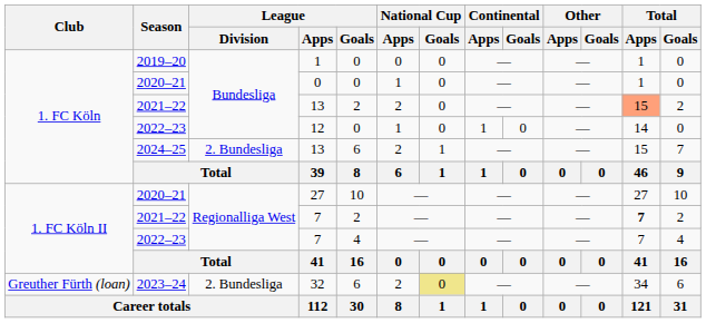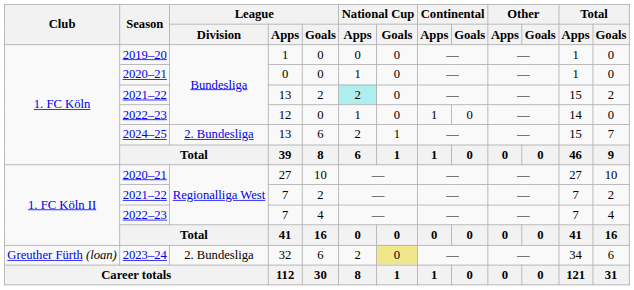 <table class="wikitable" style="text-align:center">
 <tr>
 <th rowspan="2">Club</th>
 <th rowspan="2">Season</th>
 <th colspan="3">League</th>
 <th colspan="2">National Cup</th>
 <th colspan="2">Continental</th>
 <th colspan="2">Other</th>
 <th colspan="2">Total</th>
 </tr>
 <tr>
 <th>Division</th>
 <th>Apps</th>
 <th>Goals</th>
 <th>Apps</th>
 <th>Goals</th>
 <th>Apps</th>
 <th>Goals</th>
 <th>Apps</th>
 <th>Goals</th>
 <th>Apps</th>
 <th>Goals</th>
 </tr>
 <tr>
 <td rowspan="6"><a href='#'>1. FC Köln</a></td>
 <td><a href='#'>2019–20</a></td>
 <td rowspan="4"><a href='#'>Bundesliga</a></td>
 <td>1</td>
 <td>0</td>
 <td>0</td>
 <td>0</td>
 <td colspan="2">—</td>
 <td colspan="2">—</td>
 <td>1</td>
 <td>0</td>
 </tr>
 <tr>
 <td><a href='#'>2020–21</a></td>
 <td>0</td>
 <td>0</td>
 <td>1</td>
 <td>0</td>
 <td colspan="2">—</td>
 <td colspan="2">—</td>
 <td>1</td>
 <td>0</td>
 </tr>
 <tr>
 <td><a href='#'>2021–22</a></td>
 <td>13</td>
 <td>2</td>
-<td>2</td>
+<td style="background: paleturquoise;">2</td>
 <td>0</td>
 <td colspan="2">—</td>
 <td colspan="2">—</td>
-<td style="background: lightsalmon;">15</td>
+<td>15</td>
 <td>2</td>
 </tr>
 <tr>
 <td><a href='#'>2022–23</a></td>
 <td>12</td>
 <td>0</td>
 <td>1</td>
 <td>0</td>
 <td>1</td>
 <td>0</td>
 <td colspan="2">—</td>
 <td>14</td>
 <td>0</td>
 </tr>
 <tr>
 <td><a href='#'>2024–25</a></td>
 <td><a href='#'>2. Bundesliga</a></td>
 <td>13</td>
 <td>6</td>
 <td>2</td>
 <td>1</td>
 <td colspan="2">—</td>
 <td colspan="2">—</td>
 <td>15</td>
 <td>7</td>
 </tr>
 <tr>
 <th colspan="2">Total</th>
 <th>39</th>
 <th>8</th>
 <th>6</th>
 <th>1</th>
 <th>1</th>
 <th>0</th>
 <th>0</th>
 <th>0</th>
 <th>46</th>
 <th>9</th>
 </tr>
 <tr>
 <td rowspan="4"><a href='#'>1. FC Köln II</a></td>
 <td><a href='#'>2020–21</a></td>
 <td rowspan="3"><a href='#'>Regionalliga West</a></td>
 <td>27</td>
 <td>10</td>
 <td colspan="2">—</td>
 <td colspan="2">—</td>
 <td colspan="2">—</td>
 <td>27</td>
 <td>10</td>
 </tr>
 <tr>
 <td><a href='#'>2021–22</a></td>
 <td>7</td>
 <td>2</td>
 <td colspan="2">—</td>
 <td colspan="2">—</td>
 <td colspan="2">—</td>
-<td><strong>7</strong></td>
+<td>7</td>
 <td>2</td>
 </tr>
 <tr>
 <td><a href='#'>2022–23</a></td>
 <td>7</td>
 <td>4</td>
 <td colspan="2">—</td>
 <td colspan="2">—</td>
 <td colspan="2">—</td>
 <td>7</td>
 <td>4</td>
 </tr>
 <tr>
 <th colspan="2">Total</th>
 <th>41</th>
 <th>16</th>
 <th>0</th>
 <th>0</th>
 <th>0</th>
 <th>0</th>
 <th>0</th>
 <th>0</th>
 <th>41</th>
 <th>16</th>
 </tr>
 <tr>
 <td><a href='#'>Greuther Fürth</a> <em>(loan)</em></td>
 <td><a href='#'>2023–24</a></td>
 <td>2. Bundesliga</td>
 <td>32</td>
 <td>6</td>
 <td>2</td>
 <td style="background: khaki;">0</td>
 <td colspan="2">—</td>
 <td colspan="2">—</td>
 <td>34</td>
 <td>6</td>
 </tr>
 <tr>
 <th colspan="3">Career totals</th>
 <th>112</th>
 <th>30</th>
 <th>8</th>
 <th>1</th>
 <th>1</th>
 <th>0</th>
 <th>0</th>
 <th>0</th>
 <th>121</th>
 <th>31</th>
 </tr>
 </table>
